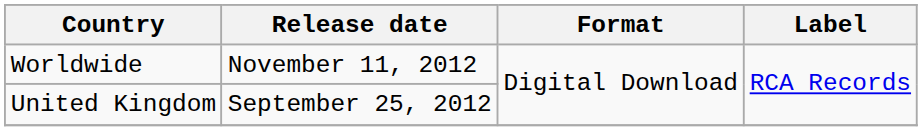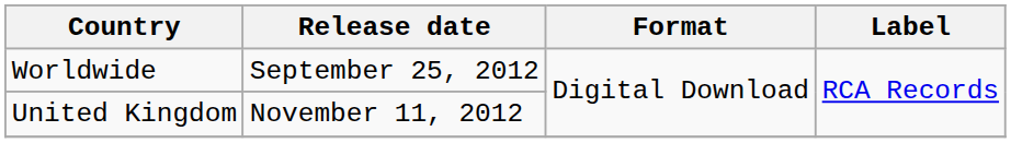 <table class="wikitable">
 <tr>
 <th>Country</th>
 <th>Release date</th>
 <th>Format</th>
 <th>Label</th>
 </tr>
 <tr>
 <td>Worldwide</td>
-<td>November 11, 2012</td>
+<td>September 25, 2012</td>
 <td rowspan="2">Digital Download</td>
 <td rowspan="2"><a href='#'>RCA Records</a></td>
 </tr>
 <tr>
 <td>United Kingdom</td>
-<td>September 25, 2012</td>
+<td>November 11, 2012</td>
 </tr>
 <tr>
 </tr>
 </table>
